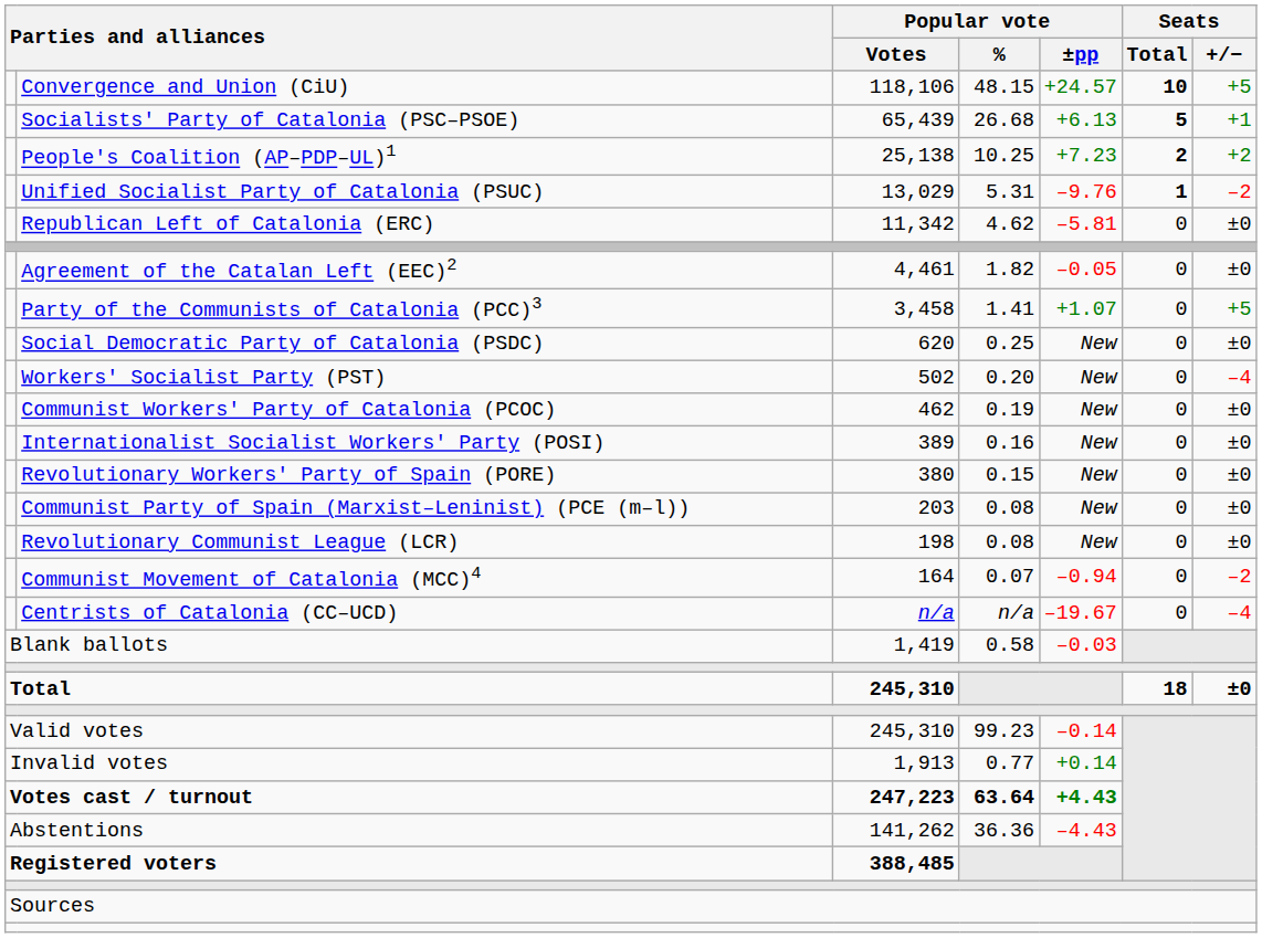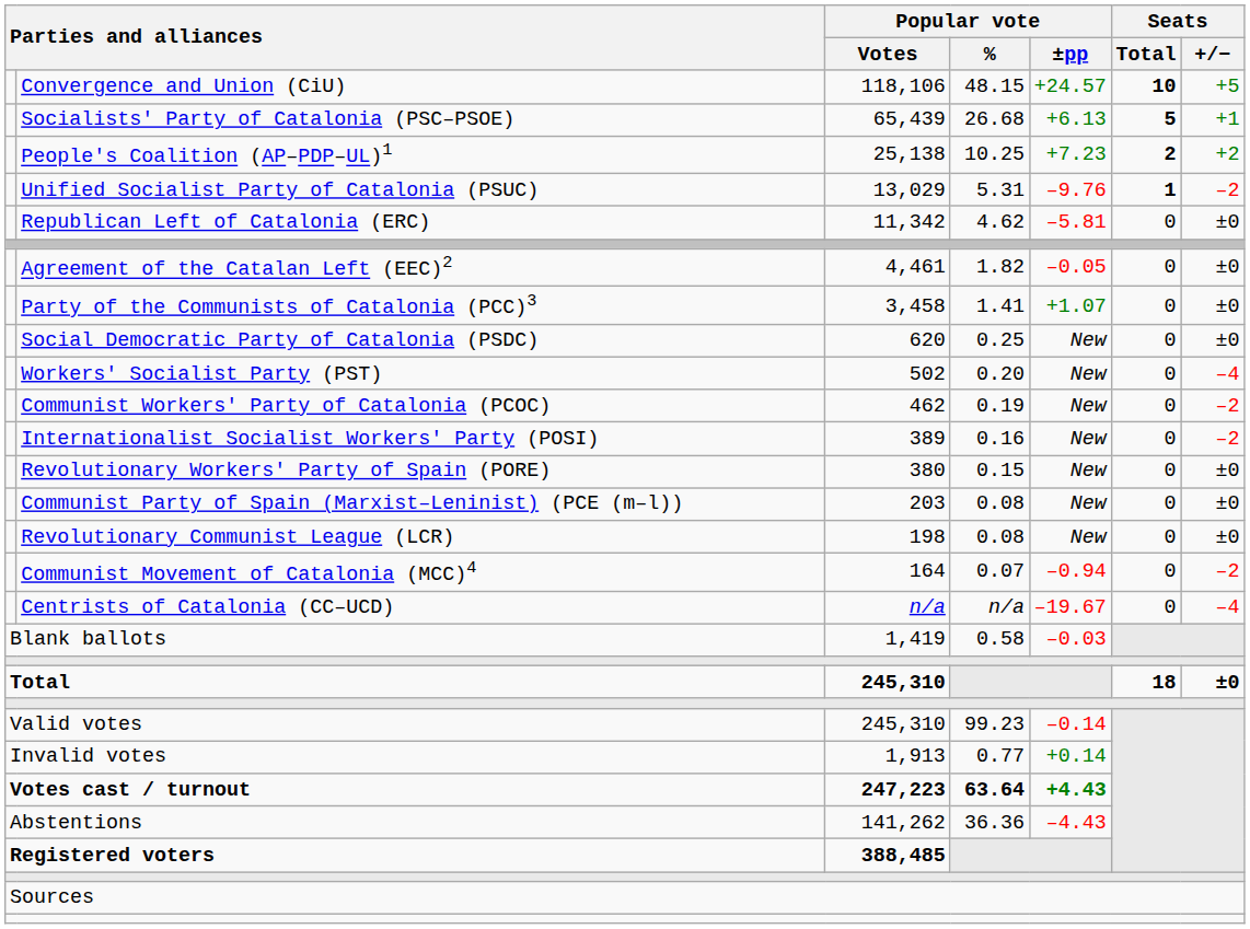 <table class="wikitable" style="text-align:right;">
 <tr>
 <th style="text-align:left;" rowspan="2" colspan="2" width="525">Parties and alliances</th>
 <th colspan="3">Popular vote</th>
 <th colspan="2">Seats</th>
 </tr>
 <tr>
 <th width="75">Votes</th>
 <th width="45">%</th>
 <th width="45">±<a href='#'>pp</a></th>
 <th width="35">Total</th>
 <th width="35">+/−</th>
 </tr>
 <tr>
 <td width="1" style="color:inherit;background:"></td>
 <td align="left"><a href='#'>Convergence and Union</a> (CiU)</td>
 <td>118,106</td>
 <td>48.15</td>
 <td style="color:green;">+24.57</td>
 <td><strong>10</strong></td>
 <td style="color:green;">+5</td>
 </tr>
 <tr>
 <td style="color:inherit;background:"></td>
 <td align="left"><a href='#'>Socialists' Party of Catalonia</a> (PSC–PSOE)</td>
 <td>65,439</td>
 <td>26.68</td>
 <td style="color:green;">+6.13</td>
 <td><strong>5</strong></td>
 <td style="color:green;">+1</td>
 </tr>
 <tr>
 <td style="color:inherit;background:"></td>
 <td align="left"><a href='#'>People's Coalition</a> (<a href='#'>AP</a>–<a href='#'>PDP</a>–<a href='#'>UL</a>)<sup>1</sup></td>
 <td>25,138</td>
 <td>10.25</td>
 <td style="color:green;">+7.23</td>
 <td><strong>2</strong></td>
 <td style="color:green;">+2</td>
 </tr>
 <tr>
 <td style="color:inherit;background:"></td>
 <td align="left"><a href='#'>Unified Socialist Party of Catalonia</a> (PSUC)</td>
 <td>13,029</td>
 <td>5.31</td>
 <td style="color:red;">–9.76</td>
 <td><strong>1</strong></td>
 <td style="color:red;">–2</td>
 </tr>
 <tr>
 <td style="color:inherit;background:"></td>
 <td align="left"><a href='#'>Republican Left of Catalonia</a> (ERC)</td>
 <td>11,342</td>
 <td>4.62</td>
 <td style="color:red;">–5.81</td>
 <td>0</td>
 <td>±0</td>
 </tr>
 <tr>
 <td colspan="7" bgcolor="#C0C0C0"></td>
 </tr>
 <tr>
 <td style="color:inherit;background:"></td>
 <td align="left"><a href='#'>Agreement of the Catalan Left</a> (EEC)<sup>2</sup></td>
 <td>4,461</td>
 <td>1.82</td>
 <td style="color:red;">–0.05</td>
 <td>0</td>
 <td>±0</td>
 </tr>
 <tr>
 <td style="color:inherit;background:"></td>
 <td align="left"><a href='#'>Party of the Communists of Catalonia</a> (PCC)<sup>3</sup></td>
 <td>3,458</td>
 <td>1.41</td>
 <td style="color:green;">+1.07</td>
 <td>0</td>
-<td style="color:green;">+5</td>
+<td>±0</td>
 </tr>
 <tr>
 <td style="color:inherit;background:"></td>
 <td align="left"><a href='#'>Social Democratic Party of Catalonia</a> (PSDC)</td>
 <td>620</td>
 <td>0.25</td>
 <td><em>New</em></td>
 <td>0</td>
 <td>±0</td>
 </tr>
 <tr>
 <td style="color:inherit;background:"></td>
 <td align="left"><a href='#'>Workers' Socialist Party</a> (PST)</td>
 <td>502</td>
 <td>0.20</td>
 <td><em>New</em></td>
 <td>0</td>
 <td style="color:red;">–4</td>
 </tr>
 <tr>
 <td style="color:inherit;background:"></td>
 <td align="left"><a href='#'>Communist Workers' Party of Catalonia</a> (PCOC)</td>
 <td>462</td>
 <td>0.19</td>
 <td><em>New</em></td>
 <td>0</td>
-<td>±0</td>
+<td style="color:red;">–2</td>
 </tr>
 <tr>
 <td style="color:inherit;background:"></td>
 <td align="left"><a href='#'>Internationalist Socialist Workers' Party</a> (POSI)</td>
 <td>389</td>
 <td>0.16</td>
 <td><em>New</em></td>
 <td>0</td>
-<td>±0</td>
+<td style="color:red;">–2</td>
 </tr>
 <tr>
 <td style="color:inherit;background:"></td>
 <td align="left"><a href='#'>Revolutionary Workers' Party of Spain</a> (PORE)</td>
 <td>380</td>
 <td>0.15</td>
 <td><em>New</em></td>
 <td>0</td>
 <td>±0</td>
 </tr>
 <tr>
 <td style="color:inherit;background:"></td>
 <td align="left"><a href='#'>Communist Party of Spain (Marxist–Leninist)</a> (PCE (m–l))</td>
 <td>203</td>
 <td>0.08</td>
 <td><em>New</em></td>
 <td>0</td>
 <td>±0</td>
 </tr>
 <tr>
 <td style="color:inherit;background:"></td>
 <td align="left"><a href='#'>Revolutionary Communist League</a> (LCR)</td>
 <td>198</td>
 <td>0.08</td>
 <td><em>New</em></td>
 <td>0</td>
 <td>±0</td>
 </tr>
 <tr>
 <td style="color:inherit;background:"></td>
 <td align="left"><a href='#'>Communist Movement of Catalonia</a> (MCC)<sup>4</sup></td>
 <td>164</td>
 <td>0.07</td>
 <td style="color:red;">–0.94</td>
 <td>0</td>
 <td style="color:red;">–2</td>
 </tr>
 <tr>
 <td style="color:inherit;background:"></td>
 <td align="left"><a href='#'>Centrists of Catalonia</a> (CC–UCD)</td>
 <td><em><a href='#'>n/a</a></em></td>
 <td><em>n/a</em></td>
 <td style="color:red;">–19.67</td>
 <td>0</td>
 <td style="color:red;">–4</td>
 </tr>
 <tr>
 <td align="left" colspan="2">Blank ballots</td>
 <td>1,419</td>
 <td>0.58</td>
 <td style="color:red;">–0.03</td>
 <td bgcolor="#E9E9E9" colspan="2"></td>
 </tr>
 <tr>
 <td colspan="7" bgcolor="#E9E9E9"></td>
 </tr>
 <tr style="font-weight:bold;">
 <td align="left" colspan="2">Total</td>
 <td>245,310</td>
 <td bgcolor="#E9E9E9" colspan="2"></td>
 <td>18</td>
 <td>±0</td>
 </tr>
 <tr>
 <td colspan="7" bgcolor="#E9E9E9"></td>
 </tr>
 <tr>
 <td align="left" colspan="2">Valid votes</td>
 <td>245,310</td>
 <td>99.23</td>
 <td style="color:red;">–0.14</td>
 <td bgcolor="#E9E9E9" colspan="2" rowspan="5"></td>
 </tr>
 <tr>
 <td align="left" colspan="2">Invalid votes</td>
 <td>1,913</td>
 <td>0.77</td>
 <td style="color:green;">+0.14</td>
 </tr>
 <tr style="font-weight:bold;">
 <td align="left" colspan="2">Votes cast / turnout</td>
 <td>247,223</td>
 <td>63.64</td>
 <td style="color:green;">+4.43</td>
 </tr>
 <tr>
 <td align="left" colspan="2">Abstentions</td>
 <td>141,262</td>
 <td>36.36</td>
 <td style="color:red;">–4.43</td>
 </tr>
 <tr style="font-weight:bold;">
 <td align="left" colspan="2">Registered voters</td>
 <td>388,485</td>
 <td bgcolor="#E9E9E9" colspan="2"></td>
 </tr>
 <tr>
 <td colspan="7" bgcolor="#E9E9E9"></td>
 </tr>
 <tr>
 <td align="left" colspan="7">Sources</td>
 </tr>
 <tr>
 <td colspan="7" style="text-align:left; max-width:790px;"></td>
 </tr>
 </table>
